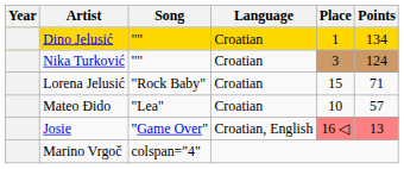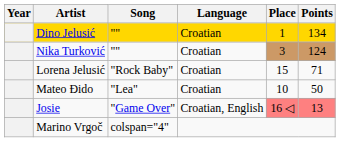 <table class="wikitable sortable plainrowheaders">
 <tr>
 <th scope="col">Year</th>
 <th scope="col">Artist</th>
 <th scope="col">Song</th>
 <th scope="col">Language</th>
 <th scope="col" data-sort-type="number">Place</th>
 <th scope="col" data-sort-type="number">Points</th>
 </tr>
 <tr style="background-color:#FFD700;">
 <th scope="row" style="text-align:center;"></th>
 <td><a href='#'>Dino Jelusić</a></td>
 <td>""</td>
 <td>Croatian</td>
 <td style="text-align:center;">1</td>
 <td style="text-align:center;">134</td>
 </tr>
 <tr>
 <th scope="row" style="text-align:center;"></th>
 <td><a href='#'>Nika Turković</a></td>
 <td>""</td>
 <td>Croatian</td>
 <td style="text-align:center; background-color:#C96;">3</td>
 <td style="text-align:center; background-color:#C96;">124</td>
 </tr>
 <tr>
 <th scope="row" style="text-align:center;"></th>
 <td>Lorena Jelusić</td>
 <td>"Rock Baby"</td>
 <td>Croatian</td>
 <td style="text-align:center;">15</td>
 <td style="text-align:center;">71</td>
 </tr>
 <tr>
 <th scope="row" style="text-align:center;"></th>
 <td>Mateo Đido</td>
 <td>"Lea"</td>
 <td>Croatian</td>
 <td style="text-align:center;">10</td>
-<td style="text-align:center;">57</td>
+<td style="text-align:center;">50</td>
 </tr>
 <tr>
 <th scope="row" style="text-align:center;"></th>
 <td><a href='#'>Josie</a></td>
 <td>"<a href='#'>Game Over</a>"</td>
 <td>Croatian, English</td>
 <td style="text-align:center; background-color:#FE8080;">16 ◁</td>
 <td style="text-align:center; background-color:#FE8080;">13</td>
 </tr>
 <tr>
 <th scope="row" style="text-align:center;"></th>
 <td>Marino Vrgoč</td>
 <td>colspan="4" </td>
 </tr>
 </table>
